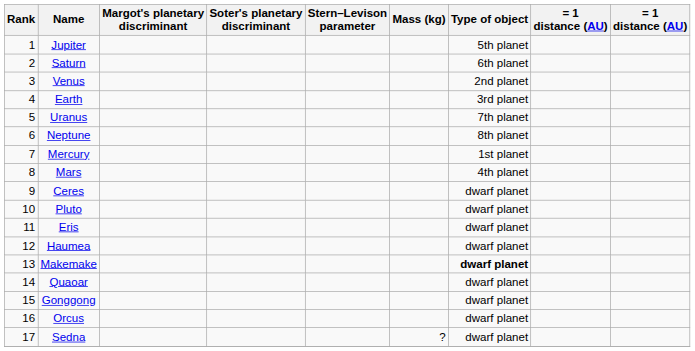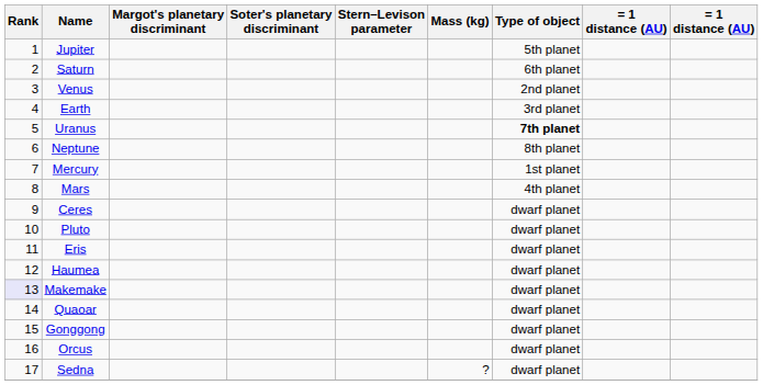 <table class="wikitable sortable" style="text-align:right;">
 <tr>
 <th>Rank</th>
 <th>Name</th>
 <th>Margot's planetary<br>discriminant </th>
 <th>Soter's planetary<br>discriminant </th>
 <th>Stern–Levison<br>parameter  <br> </th>
 <th>Mass (kg)</th>
 <th>Type of object</th>
 <th> = 1<br>distance (<a href='#'>AU</a>)</th>
 <th> = 1<br>distance (<a href='#'>AU</a>)</th>
 </tr>
 <tr>
 <td>1</td>
 <td align=center><a href='#'>Jupiter</a></td>
 <td></td>
 <td></td>
 <td></td>
 <td></td>
 <td>5th planet</td>
 <td></td>
 <td></td>
 </tr>
 <tr>
 <td>2</td>
 <td align=center><a href='#'>Saturn</a></td>
 <td></td>
 <td></td>
 <td></td>
 <td></td>
 <td>6th planet</td>
 <td></td>
 <td></td>
 </tr>
 <tr>
 <td>3</td>
 <td align=center><a href='#'>Venus</a></td>
 <td></td>
 <td></td>
 <td></td>
 <td></td>
 <td>2nd planet</td>
 <td></td>
 <td></td>
 </tr>
 <tr>
 <td>4</td>
 <td align=center><a href='#'>Earth</a></td>
 <td></td>
 <td></td>
 <td></td>
 <td></td>
 <td>3rd planet</td>
 <td></td>
 <td></td>
 </tr>
 <tr>
 <td>5</td>
 <td align=center><a href='#'>Uranus</a></td>
 <td></td>
 <td></td>
 <td></td>
 <td></td>
-<td>7th planet</td>
+<td><strong>7th planet</strong></td>
 <td></td>
 <td></td>
 </tr>
 <tr>
 <td>6</td>
 <td align=center><a href='#'>Neptune</a></td>
 <td></td>
 <td></td>
 <td></td>
 <td></td>
 <td>8th planet</td>
 <td></td>
 <td></td>
 </tr>
 <tr>
 <td>7</td>
 <td align=center><a href='#'>Mercury</a></td>
 <td></td>
 <td></td>
 <td></td>
 <td></td>
 <td>1st planet</td>
 <td></td>
 <td></td>
 </tr>
 <tr>
 <td>8</td>
 <td align=center><a href='#'>Mars</a></td>
 <td></td>
 <td></td>
 <td></td>
 <td></td>
 <td>4th planet</td>
 <td></td>
 <td></td>
 </tr>
 <tr>
 <td>9</td>
 <td align=center><a href='#'>Ceres</a></td>
 <td></td>
 <td></td>
 <td></td>
 <td></td>
 <td>dwarf planet</td>
 <td></td>
 <td></td>
 </tr>
 <tr>
 <td>10</td>
 <td align=center><a href='#'>Pluto</a></td>
 <td></td>
 <td></td>
 <td></td>
 <td></td>
 <td>dwarf planet</td>
 <td></td>
 <td></td>
 </tr>
 <tr>
 <td>11</td>
 <td align=center><a href='#'>Eris</a></td>
 <td></td>
 <td></td>
 <td></td>
 <td></td>
 <td>dwarf planet</td>
 <td></td>
 <td></td>
 </tr>
 <tr>
 <td>12</td>
 <td align=center><a href='#'>Haumea</a></td>
 <td></td>
 <td></td>
 <td></td>
 <td></td>
 <td>dwarf planet</td>
 <td></td>
 <td></td>
 </tr>
 <tr>
-<td>13</td>
+<td style="background: lavender;">13</td>
 <td align=center><a href='#'>Makemake</a></td>
 <td></td>
 <td></td>
 <td></td>
 <td></td>
-<td><strong>dwarf planet</strong></td>
+<td>dwarf planet</td>
 <td></td>
 <td></td>
 </tr>
 <tr>
 <td>14</td>
 <td align=center><a href='#'>Quaoar</a></td>
 <td></td>
 <td></td>
 <td></td>
 <td></td>
 <td>dwarf planet</td>
 <td></td>
 <td></td>
 </tr>
 <tr>
 <td>15</td>
 <td align=center><a href='#'>Gonggong</a></td>
 <td></td>
 <td></td>
 <td></td>
 <td></td>
 <td>dwarf planet</td>
 <td></td>
 <td></td>
 </tr>
 <tr>
 <td>16</td>
 <td align=center><a href='#'>Orcus</a></td>
 <td></td>
 <td></td>
 <td></td>
 <td></td>
 <td>dwarf planet</td>
 <td></td>
 <td></td>
 </tr>
 <tr>
 <td>17</td>
 <td align=center><a href='#'>Sedna</a></td>
 <td></td>
 <td></td>
 <td></td>
 <td>?</td>
 <td>dwarf planet</td>
 <td></td>
 <td></td>
 </tr>
 <tr>
 </tr>
 </table>
